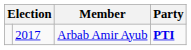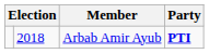 <table class="wikitable">
 <tr>
 <th colspan="2">Election</th>
 <th>Member</th>
 <th>Party</th>
 </tr>
 <tr>
 <td style="background-color: "></td>
-<td><a href='#'>2017</a></td>
+<td><a href='#'>2018</a></td>
 <td><a href='#'>Arbab Amir Ayub</a></td>
 <td><strong><a href='#'>PTI</a></strong></td>
 </tr>
 </table>
